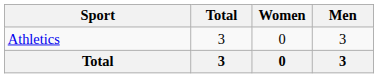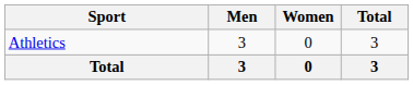 <table class="wikitable" style="text-align:center">
 <tr>
 <th width=200>Sport</th>
+<th width=60>Men</th>
+<th width=60>Women</th>
 <th width=60>Total</th>
-<th width=60>Women</th>
-<th width=60>Men</th>
 </tr>
 <tr>
 <td align=left><a href='#'>Athletics</a></td>
 <td>3</td>
 <td>0</td>
 <td>3</td>
 </tr>
 <tr>
 <th align=left>Total</th>
 <th>3</th>
 <th>0</th>
 <th>3</th>
 </tr>
 </table>
